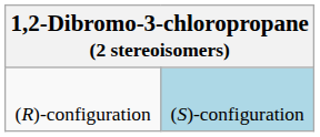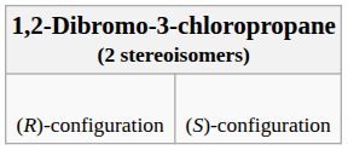 <table class="wikitable" style="text-align:center">
 <tr class="hintergrundfarbe6">
 <th colspan="2">1,2-Dibromo-3-chloropropane<br><small>(2 stereoisomers)</small></th>
 </tr>
 <tr>
 <td><br><small>(<em>R</em>)-configuration</small></td>
-<td style="background: lightblue;"><br><small>(<em>S</em>)-configuration</small></td>
+<td><br><small>(<em>S</em>)-configuration</small></td>
 </tr>
 </table>
